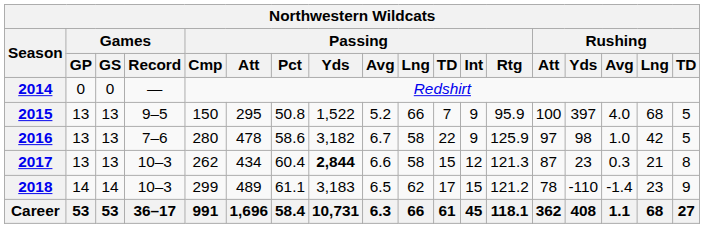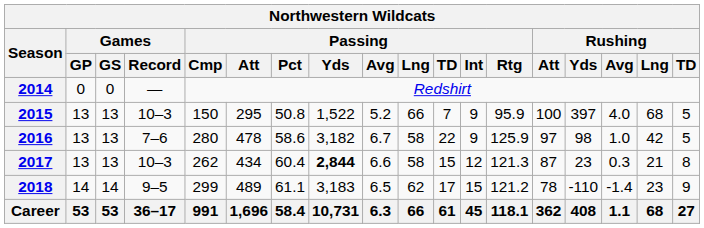 <table class=wikitable style="text-align:center;">
 <tr>
 <th colspan="19">Northwestern Wildcats</th>
 </tr>
 <tr>
 <th rowspan="2">Season</th>
 <th colspan="3">Games</th>
 <th colspan="9">Passing</th>
 <th colspan="7">Rushing</th>
 </tr>
 <tr>
 <th>GP</th>
 <th>GS</th>
 <th>Record</th>
 <th>Cmp</th>
 <th>Att</th>
 <th>Pct</th>
 <th>Yds</th>
 <th>Avg</th>
 <th>Lng</th>
 <th>TD</th>
 <th>Int</th>
 <th>Rtg</th>
 <th>Att</th>
 <th>Yds</th>
 <th>Avg</th>
 <th>Lng</th>
 <th>TD</th>
 </tr>
 <tr>
 <th><a href='#'>2014</a></th>
 <td>0</td>
 <td>0</td>
 <td>—</td>
 <td colspan="14"><em><a href='#'>Redshirt</a></em></td>
 </tr>
 <tr>
 <th><a href='#'>2015</a></th>
 <td>13</td>
 <td>13</td>
-<td>9–5</td>
+<td>10–3</td>
 <td>150</td>
 <td>295</td>
 <td>50.8</td>
 <td>1,522</td>
 <td>5.2</td>
 <td>66</td>
 <td>7</td>
 <td>9</td>
 <td>95.9</td>
 <td>100</td>
 <td>397</td>
 <td>4.0</td>
 <td>68</td>
 <td>5</td>
 </tr>
 <tr>
 <th><a href='#'>2016</a></th>
 <td>13</td>
 <td>13</td>
 <td>7–6</td>
 <td>280</td>
 <td>478</td>
 <td>58.6</td>
 <td>3,182</td>
 <td>6.7</td>
 <td>58</td>
 <td>22</td>
 <td>9</td>
 <td>125.9</td>
 <td>97</td>
 <td>98</td>
 <td>1.0</td>
 <td>42</td>
 <td>5</td>
 </tr>
 <tr>
 <th><a href='#'>2017</a></th>
 <td>13</td>
 <td>13</td>
 <td>10–3</td>
 <td>262</td>
 <td>434</td>
 <td>60.4</td>
 <td><strong>2,844</strong></td>
 <td>6.6</td>
 <td>58</td>
 <td>15</td>
 <td>12</td>
 <td>121.3</td>
 <td>87</td>
 <td>23</td>
 <td>0.3</td>
 <td>21</td>
 <td>8</td>
 </tr>
 <tr>
 <th><a href='#'>2018</a></th>
 <td>14</td>
 <td>14</td>
-<td>10–3</td>
+<td>9–5</td>
 <td>299</td>
 <td>489</td>
 <td>61.1</td>
 <td>3,183</td>
 <td>6.5</td>
 <td>62</td>
 <td>17</td>
 <td>15</td>
 <td>121.2</td>
 <td>78</td>
 <td>-110</td>
 <td>-1.4</td>
 <td>23</td>
 <td>9</td>
 </tr>
 <tr>
 <th>Career</th>
 <th>53</th>
 <th>53</th>
 <th>36–17</th>
 <th>991</th>
 <th>1,696</th>
 <th>58.4</th>
 <th>10,731</th>
 <th>6.3</th>
 <th>66</th>
 <th>61</th>
 <th>45</th>
 <th>118.1</th>
 <th>362</th>
 <th>408</th>
 <th>1.1</th>
 <th>68</th>
 <th>27</th>
 </tr>
 </table>
